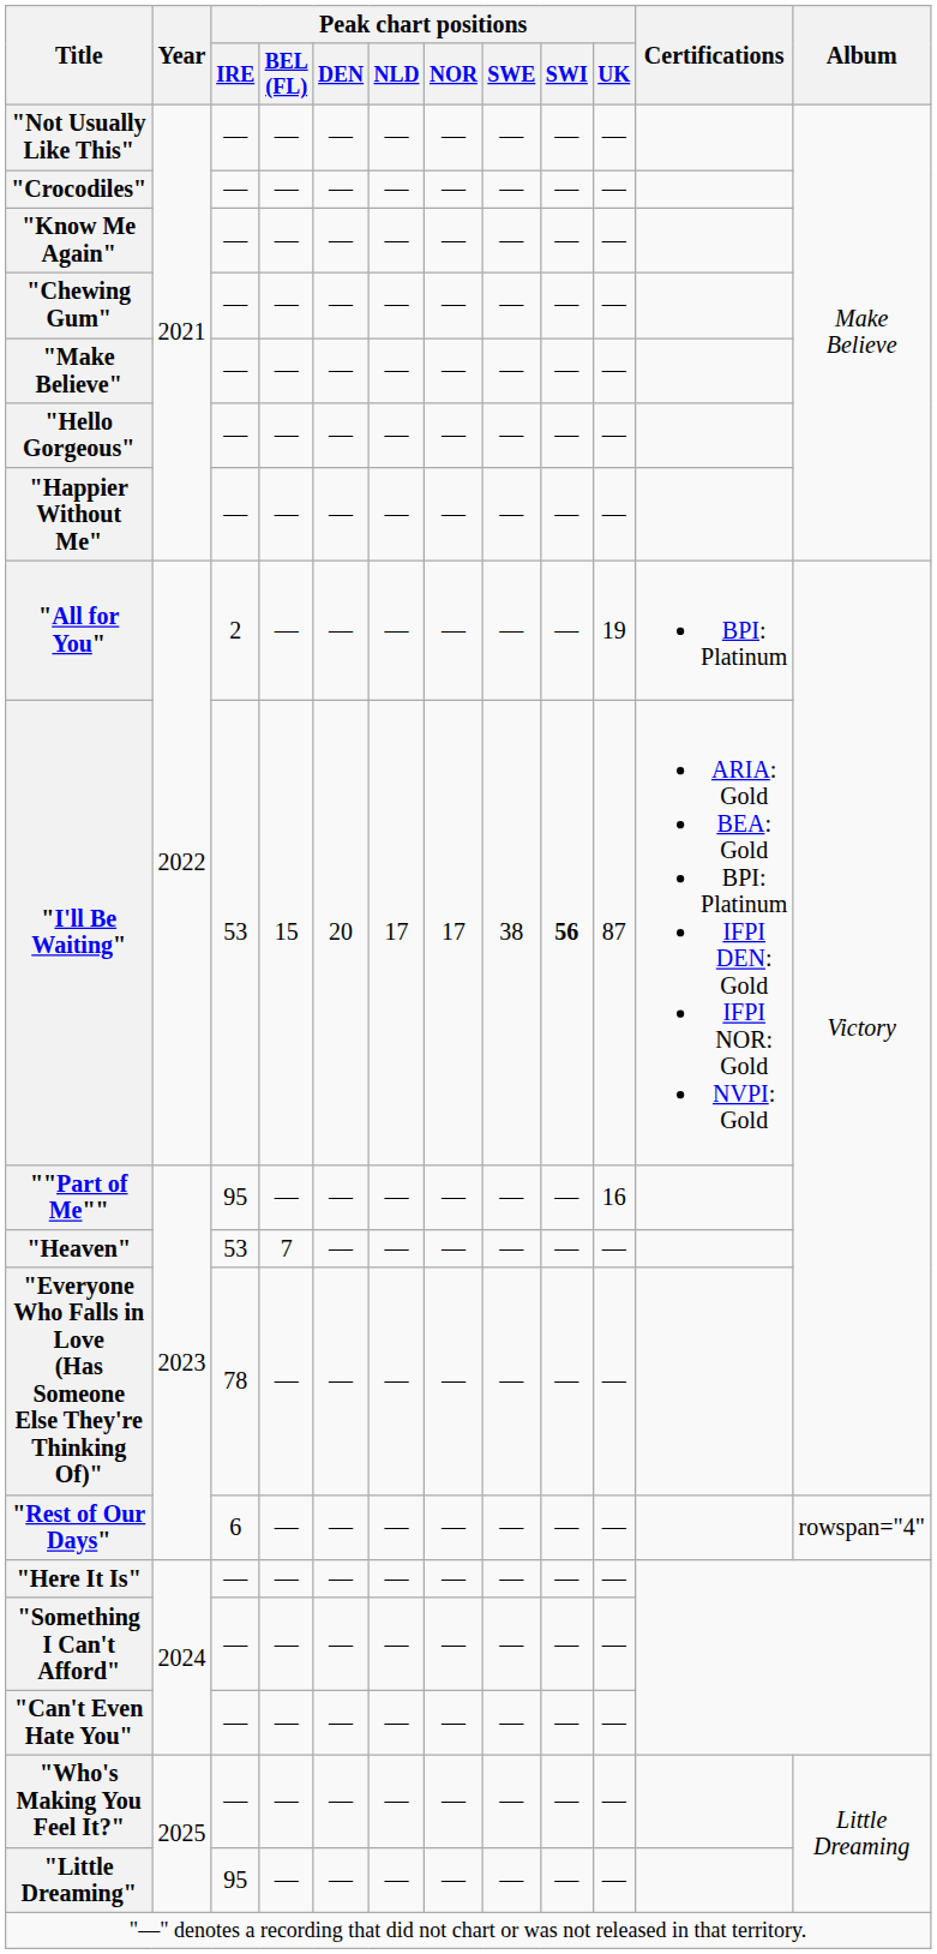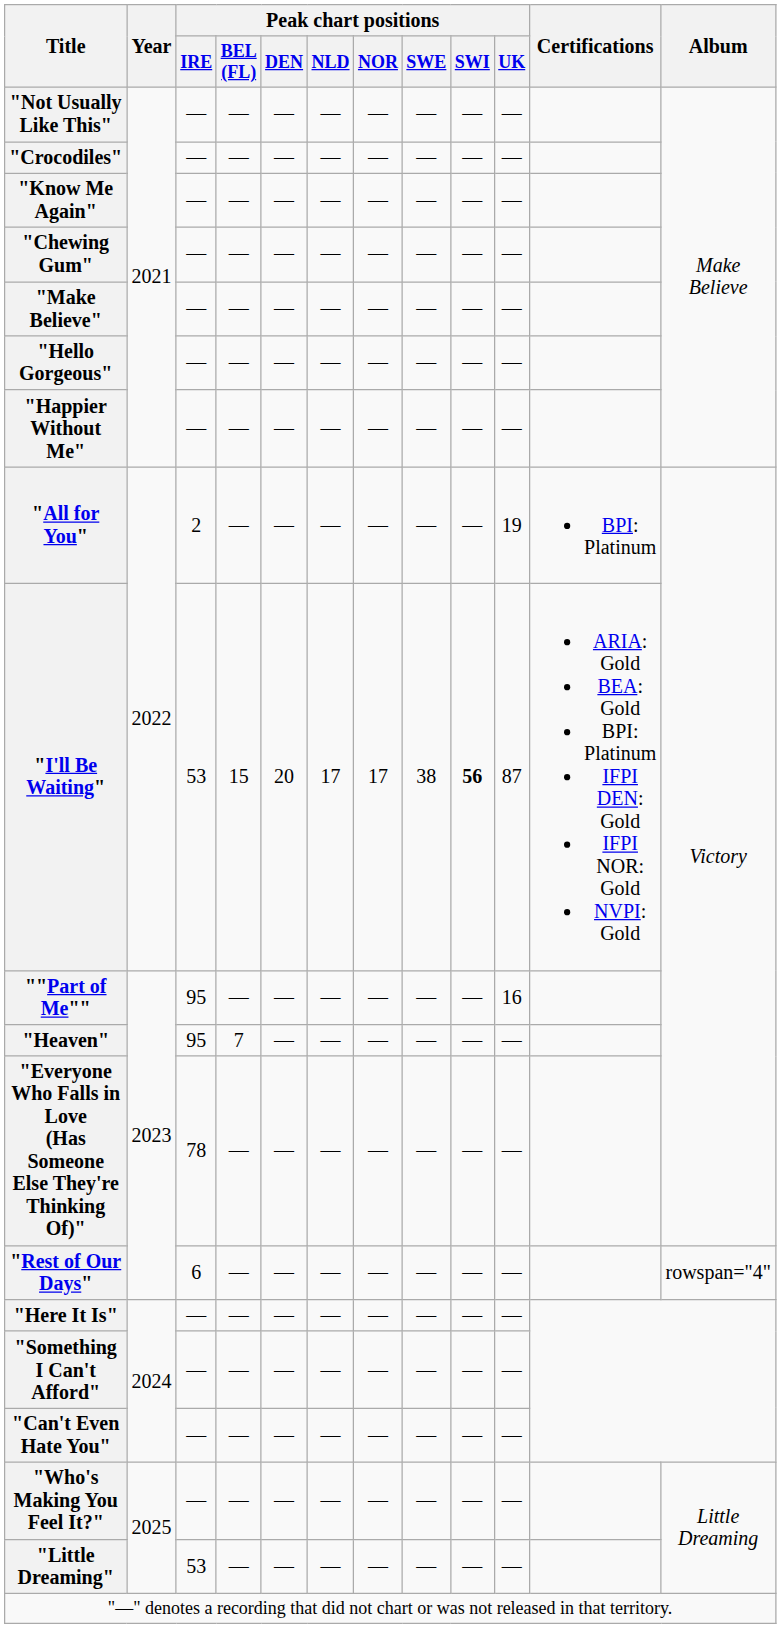 <table class="wikitable plainrowheaders" style="text-align:center">
 <tr>
 <th scope="col" rowspan="2">Title</th>
 <th scope="col" rowspan="2">Year</th>
 <th scope="col" colspan="8">Peak chart positions</th>
 <th scope="col" rowspan="2">Certifications</th>
 <th scope="col" rowspan="2">Album</th>
 </tr>
 <tr>
 <th scope="col" style="width:3em; font-size:90%"><a href='#'>IRE</a><br></th>
 <th scope="col" style="width:3em; font-size:90%"><a href='#'>BEL<br>(FL)</a><br></th>
 <th scope="col" style="width:3em; font-size:90%"><a href='#'>DEN</a><br></th>
 <th scope="col" style="width:3em; font-size:90%"><a href='#'>NLD</a><br></th>
 <th scope="col" style="width:3em; font-size:90%"><a href='#'>NOR</a><br></th>
 <th scope="col" style="width:3em; font-size:90%"><a href='#'>SWE</a><br></th>
 <th scope="col" style="width:3em; font-size:90%"><a href='#'>SWI</a><br></th>
 <th scope="col" style="width:3em; font-size:90%"><a href='#'>UK</a><br></th>
 </tr>
 <tr>
 <th scope="row">"Not Usually Like This"</th>
 <td rowspan="7">2021</td>
 <td>—</td>
 <td>—</td>
 <td>—</td>
 <td>—</td>
 <td>—</td>
 <td>—</td>
 <td>—</td>
 <td>—</td>
 <td></td>
 <td rowspan="7"><em>Make Believe</em></td>
 </tr>
 <tr>
 <th scope="row">"Crocodiles"</th>
 <td>—</td>
 <td>—</td>
 <td>—</td>
 <td>—</td>
 <td>—</td>
 <td>—</td>
 <td>—</td>
 <td>—</td>
 <td></td>
 </tr>
 <tr>
 <th scope="row">"Know Me Again"<br></th>
 <td>—</td>
 <td>—</td>
 <td>—</td>
 <td>—</td>
 <td>—</td>
 <td>—</td>
 <td>—</td>
 <td>—</td>
 <td></td>
 </tr>
 <tr>
 <th scope="row">"Chewing Gum"</th>
 <td>—</td>
 <td>—</td>
 <td>—</td>
 <td>—</td>
 <td>—</td>
 <td>—</td>
 <td>—</td>
 <td>—</td>
 <td></td>
 </tr>
 <tr>
 <th scope="row">"Make Believe"</th>
 <td>—</td>
 <td>—</td>
 <td>—</td>
 <td>—</td>
 <td>—</td>
 <td>—</td>
 <td>—</td>
 <td>—</td>
 <td></td>
 </tr>
 <tr>
 <th scope="row">"Hello Gorgeous"</th>
 <td>—</td>
 <td>—</td>
 <td>—</td>
 <td>—</td>
 <td>—</td>
 <td>—</td>
 <td>—</td>
 <td>—</td>
 <td></td>
 </tr>
 <tr>
 <th scope="row">"Happier Without Me"</th>
 <td>—</td>
 <td>—</td>
 <td>—</td>
 <td>—</td>
 <td>—</td>
 <td>—</td>
 <td>—</td>
 <td>—</td>
 <td></td>
 </tr>
 <tr>
 <th scope="row">"<a href='#'>All for You</a>"<br></th>
 <td rowspan="2">2022</td>
 <td>2</td>
 <td>—</td>
 <td>—</td>
 <td>—</td>
 <td>—</td>
 <td>—</td>
 <td>—</td>
 <td>19</td>
 <td><br><ul><li><a href='#'>BPI</a>: Platinum</li></ul></td>
 <td rowspan="5"><em>Victory</em></td>
 </tr>
 <tr>
 <th scope="row">"<a href='#'>I'll Be Waiting</a>"</th>
 <td>53</td>
 <td>15</td>
 <td>20</td>
 <td>17</td>
 <td>17</td>
 <td>38</td>
 <td><strong>56</strong></td>
 <td>87</td>
 <td><br><ul><li><a href='#'>ARIA</a>: Gold</li><li><a href='#'>BEA</a>: Gold</li><li>BPI: Platinum</li><li><a href='#'>IFPI DEN</a>: Gold</li><li><a href='#'>IFPI</a> NOR: Gold</li><li><a href='#'>NVPI</a>: Gold</li></ul></td>
 </tr>
 <tr>
 <th scope="row">""<a href='#'>Part of Me</a>""</th>
 <td rowspan="4">2023</td>
 <td>95<br></td>
 <td>—</td>
 <td>—</td>
 <td>—</td>
 <td>—</td>
 <td>—</td>
 <td>—</td>
 <td>16</td>
 <td></td>
 </tr>
 <tr>
 <th scope="row">"Heaven"</th>
-<td>53</td>
+<td>95<br></td>
 <td>7</td>
 <td>—</td>
 <td>—</td>
 <td>—</td>
 <td>—</td>
 <td>—</td>
 <td>—</td>
 <td></td>
 </tr>
 <tr>
 <th scope="row">"Everyone Who Falls in Love<br> (Has Someone Else They're Thinking Of)"</th>
 <td>78</td>
 <td>—</td>
 <td>—</td>
 <td>—</td>
 <td>—</td>
 <td>—</td>
 <td>—</td>
 <td>—</td>
 <td></td>
 </tr>
 <tr>
 <th scope="row">"<a href='#'>Rest of Our Days</a>"<br></th>
 <td>6</td>
 <td>—</td>
 <td>—</td>
 <td>—</td>
 <td>—</td>
 <td>—</td>
 <td>—</td>
 <td>—</td>
 <td></td>
 <td>rowspan="4" </td>
 </tr>
 <tr>
 <th scope="row">"Here It Is"</th>
 <td rowspan="3">2024</td>
 <td>—</td>
 <td>—</td>
 <td>—</td>
 <td>—</td>
 <td>—</td>
 <td>—</td>
 <td>—</td>
 <td>—</td>
 </tr>
 <tr>
 <th scope="row">"Something I Can't Afford"</th>
 <td>—</td>
 <td>—</td>
 <td>—</td>
 <td>—</td>
 <td>—</td>
 <td>—</td>
 <td>—</td>
 <td>—</td>
 </tr>
 <tr>
 <th scope="row">"Can't Even Hate You"</th>
 <td>—</td>
 <td>—</td>
 <td>—</td>
 <td>—</td>
 <td>—</td>
 <td>—</td>
 <td>—</td>
 <td>—</td>
 </tr>
 <tr>
 <th scope="row">"Who's Making You Feel It?"</th>
 <td rowspan="2">2025</td>
 <td>—</td>
 <td>—</td>
 <td>—</td>
 <td>—</td>
 <td>—</td>
 <td>—</td>
 <td>—</td>
 <td>—</td>
 <td></td>
 <td rowspan="2"><em>Little Dreaming</em></td>
 </tr>
 <tr>
 <th scope="row">"Little Dreaming"</th>
-<td>95<br></td>
+<td>53</td>
 <td>—</td>
 <td>—</td>
 <td>—</td>
 <td>—</td>
 <td>—</td>
 <td>—</td>
 <td>—</td>
 </tr>
 <tr>
 <td colspan="12" style="font-size:90%">"—" denotes a recording that did not chart or was not released in that territory.</td>
 </tr>
 </table>
